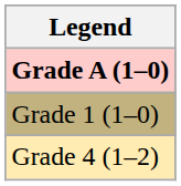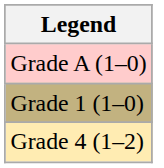 <table class="wikitable" style="font-size:85%;">
 <tr>
 <th>Legend</th>
 </tr>
 <tr style="background:#FFCCCC">
-<td><strong>Grade A (1–0)</strong></td>
+<td>Grade A (1–0)</td>
 </tr>
 <tr style="background:#C2B280">
 <td>Grade 1 (1–0)</td>
 </tr>
 <tr style="background:#ffecb2">
 <td>Grade 4 (1–2)</td>
 </tr>
 </table>
